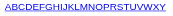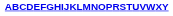 <table id="toc" class="toc" summary="Class">
 <tr>
 <th></th>
 </tr>
 <tr>
-<td style="text-align:center;"><a href='#'>A</a><a href='#'>B</a><a href='#'>C</a><a href='#'>D</a><a href='#'>E</a><a href='#'>F</a><a href='#'>G</a><a href='#'>H</a><a href='#'>I</a><a href='#'>J</a><a href='#'>K</a><a href='#'>L</a><a href='#'>M</a><a href='#'>N</a><a href='#'>O</a><a href='#'>P</a><a href='#'>R</a><a href='#'>S</a><a href='#'>T</a><a href='#'>U</a><a href='#'>V</a><a href='#'>W</a><a href='#'>X</a><a href='#'>Y</a></td>
+<td style="text-align:center;"><strong><a href='#'>A</a><a href='#'>B</a><a href='#'>C</a><a href='#'>D</a><a href='#'>E</a><a href='#'>F</a><a href='#'>G</a><a href='#'>H</a><a href='#'>I</a><a href='#'>J</a><a href='#'>K</a><a href='#'>L</a><a href='#'>M</a><a href='#'>N</a><a href='#'>O</a><a href='#'>P</a><a href='#'>R</a><a href='#'>S</a><a href='#'>T</a><a href='#'>U</a><a href='#'>V</a><a href='#'>W</a><a href='#'>X</a><a href='#'>Y</a></strong></td>
 </tr>
 </table>
